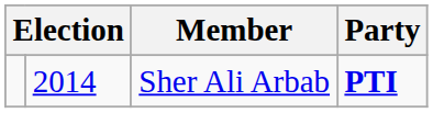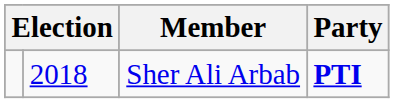 <table class="wikitable">
 <tr>
 <th colspan="2">Election</th>
 <th>Member</th>
 <th>Party</th>
 </tr>
 <tr>
 <td style="background-color: "></td>
-<td><a href='#'>2014</a></td>
+<td><a href='#'>2018</a></td>
 <td><a href='#'>Sher Ali Arbab</a></td>
 <td><strong><a href='#'>PTI</a></strong></td>
 </tr>
 </table>
